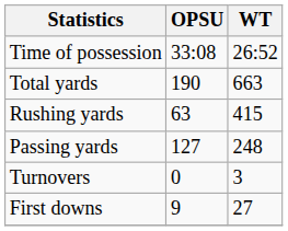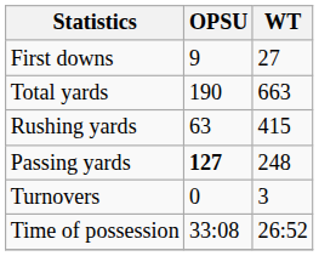 <table class="wikitable" style="float: left;">
 <tr>
 <th>Statistics</th>
 <th>OPSU</th>
 <th>WT</th>
 </tr>
 <tr>
-<td>Time of possession</td>
-<td>33:08</td>
-<td>26:52</td>
+<td>First downs</td>
+<td>9</td>
+<td>27</td>
 </tr>
 <tr>
 <td>Total yards</td>
 <td>190</td>
 <td>663</td>
 </tr>
 <tr>
 <td>Rushing yards</td>
 <td>63</td>
 <td>415</td>
 </tr>
 <tr>
 <td>Passing yards</td>
-<td>127</td>
+<td><strong>127</strong></td>
 <td>248</td>
 </tr>
 <tr>
 <td>Turnovers</td>
 <td>0</td>
 <td>3</td>
 </tr>
 <tr>
-<td>First downs</td>
-<td>9</td>
-<td>27</td>
+<td>Time of possession</td>
+<td>33:08</td>
+<td>26:52</td>
 </tr>
 <tr>
 </tr>
 </table>
